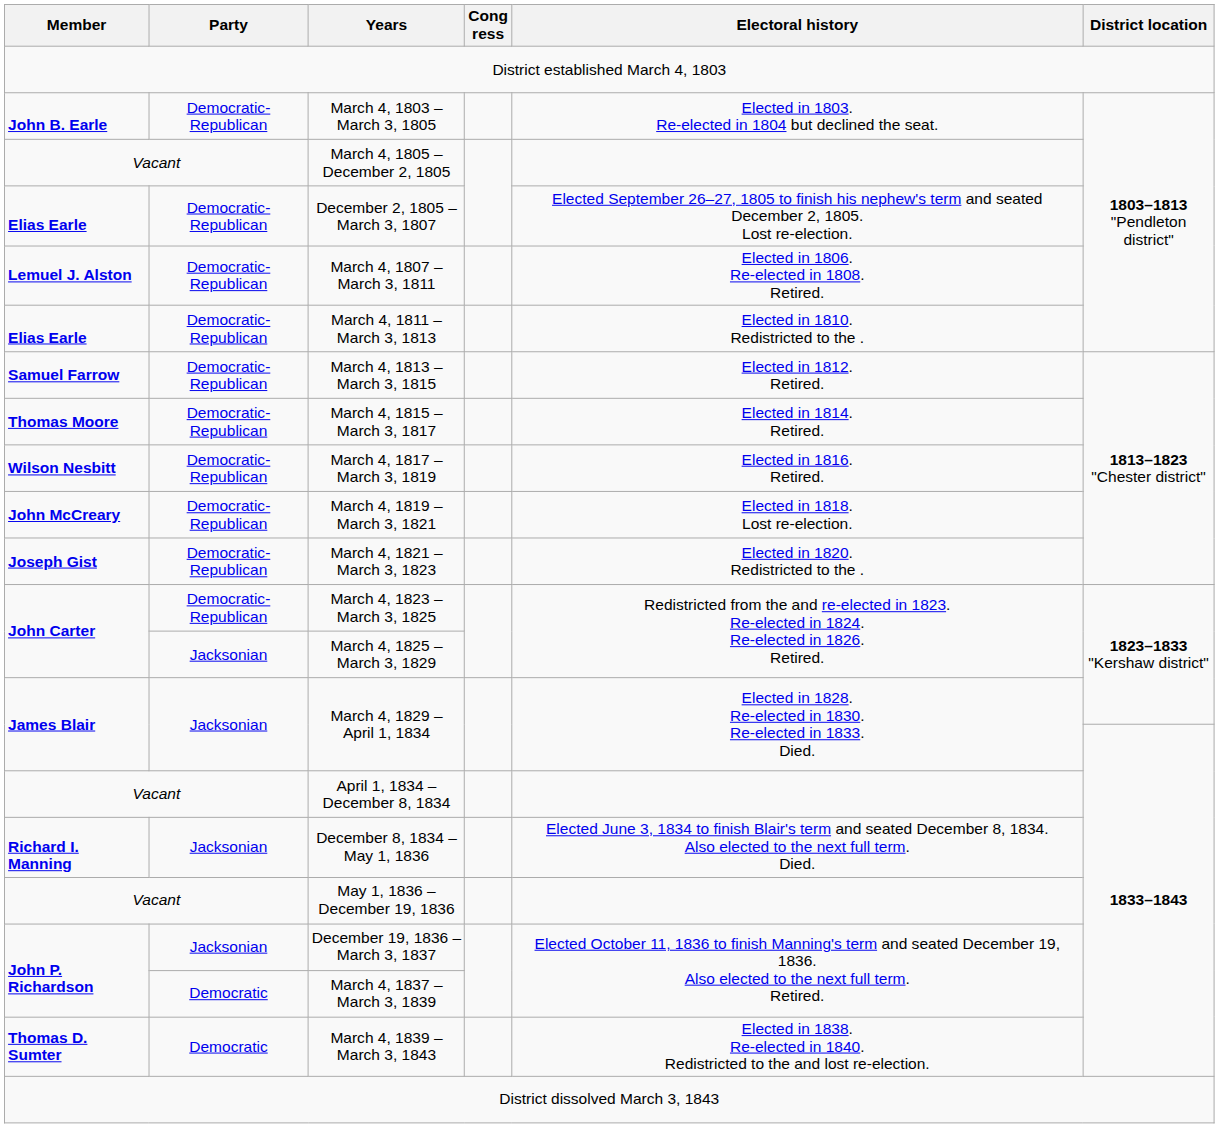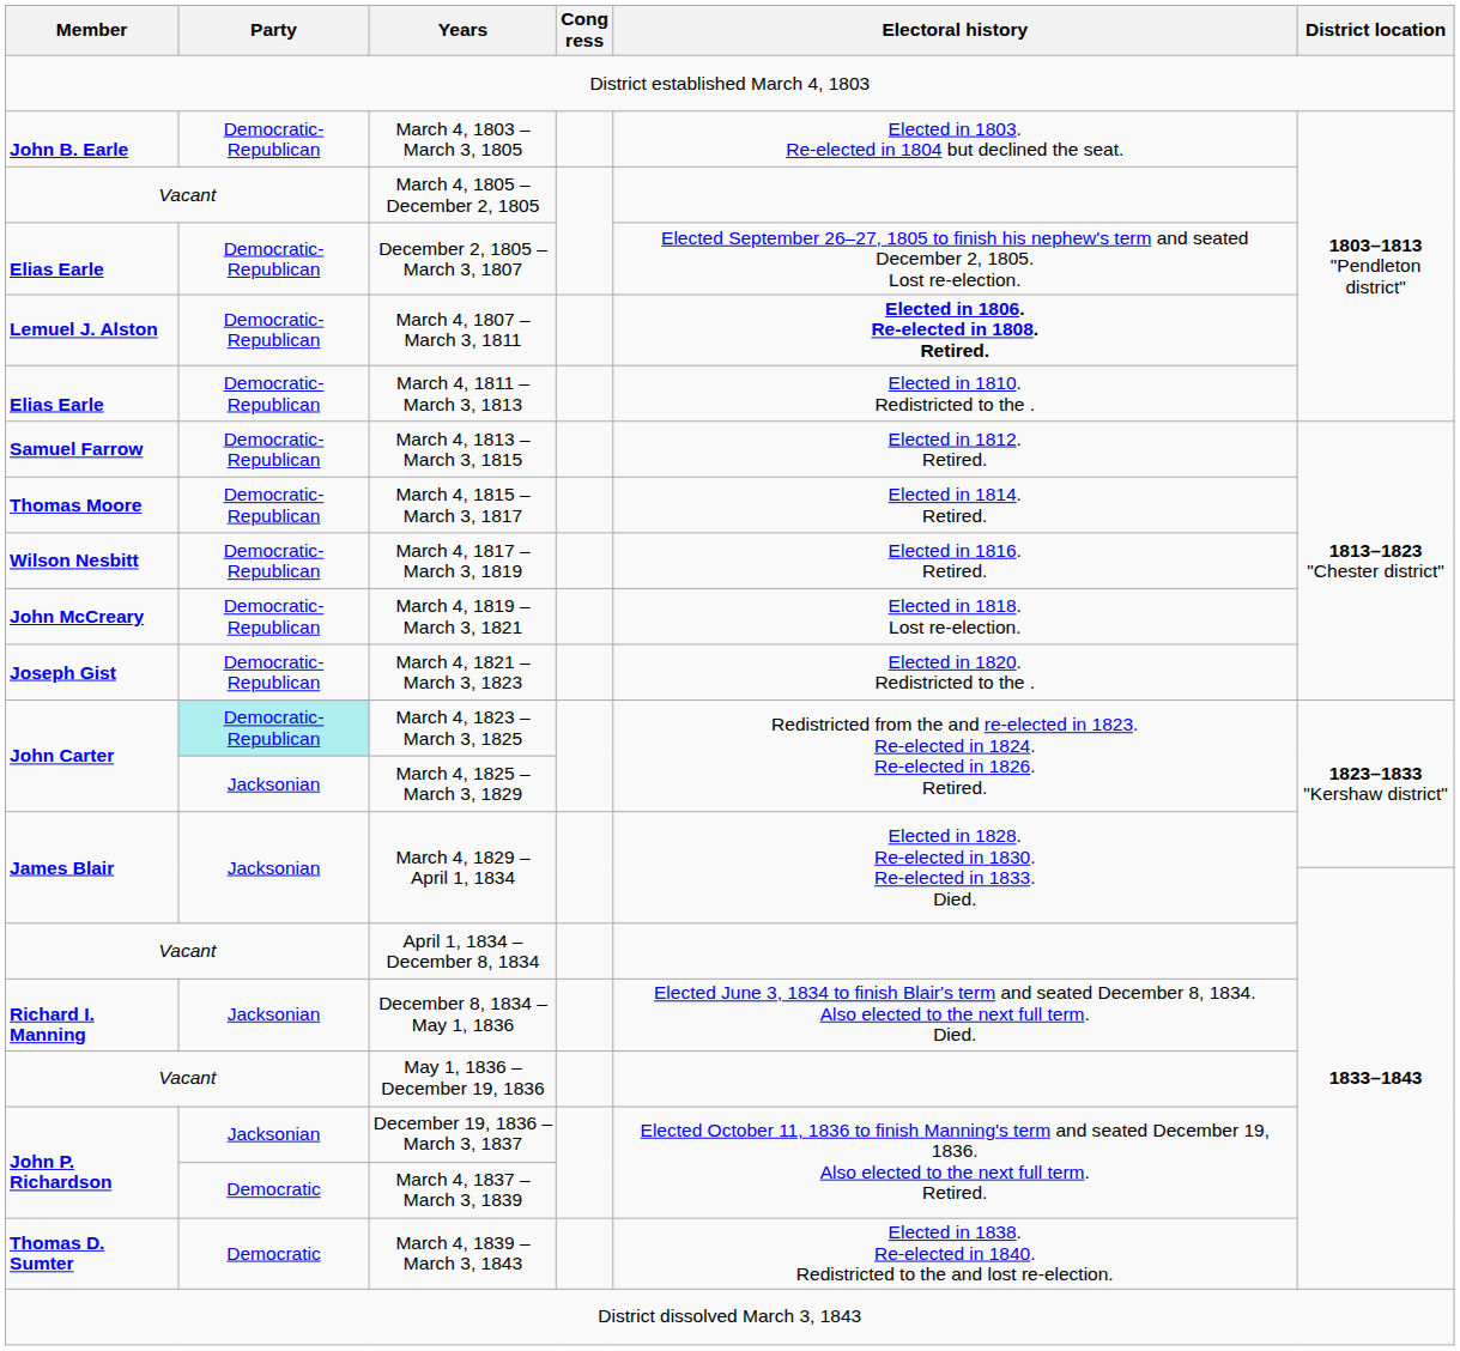 <table class="wikitable" style="text-align:center">
 <tr>
 <th>Member<br></th>
 <th>Party</th>
 <th>Years</th>
 <th>Cong<br>ress</th>
 <th>Electoral history</th>
 <th>District location</th>
 </tr>
 <tr style="height:3em">
 <td colspan=6>District established March 4, 1803</td>
 </tr>
 <tr style="height:3em">
 <td align=left><br><strong><a href='#'>John B. Earle</a></strong><br></td>
 <td><a href='#'>Democratic-Republican</a></td>
 <td nowrap>March 4, 1803 –<br>March 3, 1805</td>
 <td></td>
 <td><a href='#'>Elected in 1803</a>.<br><a href='#'>Re-elected in 1804</a> but declined the seat.</td>
 <td rowspan=5><strong>1803–1813</strong><br>"Pendleton district"</td>
 </tr>
 <tr style="height:3em">
 <td colspan=2><em>Vacant</em></td>
 <td nowrap>March 4, 1805 –<br>December 2, 1805</td>
 <td rowspan=2></td>
 </tr>
 <tr style="height:3em">
 <td align=left><br><strong><a href='#'>Elias Earle</a></strong><br></td>
 <td><a href='#'>Democratic-Republican</a></td>
 <td nowrap>December 2, 1805 –<br>March 3, 1807</td>
 <td><a href='#'>Elected September 26–27, 1805 to finish his nephew's term</a> and seated December 2, 1805.<br>Lost re-election.</td>
 </tr>
 <tr style="height:3em">
 <td align=left><strong><a href='#'>Lemuel J. Alston</a></strong><br></td>
 <td><a href='#'>Democratic-Republican</a></td>
 <td nowrap>March 4, 1807 –<br>March 3, 1811</td>
 <td></td>
-<td><a href='#'>Elected in 1806</a>.<br><a href='#'>Re-elected in 1808</a>.<br>Retired.</td>
+<td><strong><a href='#'>Elected in 1806</a>.<br><a href='#'>Re-elected in 1808</a>.<br>Retired.</strong></td>
 </tr>
 <tr style="height:3em">
 <td align=left><br><strong><a href='#'>Elias Earle</a></strong><br></td>
 <td><a href='#'>Democratic-Republican</a></td>
 <td nowrap>March 4, 1811 –<br>March 3, 1813</td>
 <td></td>
 <td><a href='#'>Elected in 1810</a>.<br>Redistricted to the .</td>
 </tr>
 <tr style="height:3em">
 <td align=left><strong><a href='#'>Samuel Farrow</a></strong><br></td>
 <td><a href='#'>Democratic-Republican</a></td>
 <td nowrap>March 4, 1813 –<br>March 3, 1815</td>
 <td></td>
 <td><a href='#'>Elected in 1812</a>.<br>Retired.</td>
 <td rowspan=5><strong>1813–1823</strong><br>"Chester district"</td>
 </tr>
 <tr style="height:3em">
 <td align=left><strong><a href='#'>Thomas Moore</a></strong><br></td>
 <td><a href='#'>Democratic-Republican</a></td>
 <td nowrap>March 4, 1815 –<br>March 3, 1817</td>
 <td></td>
 <td><a href='#'>Elected in 1814</a>.<br>Retired.</td>
 </tr>
 <tr style="height:3em">
 <td align=left><strong><a href='#'>Wilson Nesbitt</a></strong><br></td>
 <td><a href='#'>Democratic-Republican</a></td>
 <td nowrap>March 4, 1817 –<br>March 3, 1819</td>
 <td></td>
 <td><a href='#'>Elected in 1816</a>.<br>Retired.</td>
 </tr>
 <tr style="height:3em">
 <td align=left><strong><a href='#'>John McCreary</a></strong><br></td>
 <td><a href='#'>Democratic-Republican</a></td>
 <td nowrap>March 4, 1819 –<br>March 3, 1821</td>
 <td></td>
 <td><a href='#'>Elected in 1818</a>.<br>Lost re-election.</td>
 </tr>
 <tr style="height:3em">
 <td align=left><strong><a href='#'>Joseph Gist</a></strong><br></td>
 <td><a href='#'>Democratic-Republican</a></td>
 <td nowrap>March 4, 1821 –<br>March 3, 1823</td>
 <td></td>
 <td><a href='#'>Elected in 1820</a>.<br>Redistricted to the .</td>
 </tr>
 <tr style="height:3em">
 <td rowspan=2 align=left><strong><a href='#'>John Carter</a></strong><br></td>
-<td><a href='#'>Democratic-Republican</a></td>
+<td style="background: paleturquoise;"><a href='#'>Democratic-Republican</a></td>
 <td nowrap>March 4, 1823 –<br>March 3, 1825</td>
 <td rowspan=2></td>
 <td rowspan=2>Redistricted from the  and <a href='#'>re-elected in 1823</a>.<br><a href='#'>Re-elected in 1824</a>.<br><a href='#'>Re-elected in 1826</a>.<br>Retired.</td>
 <td rowspan=3><strong>1823–1833</strong><br>"Kershaw district"</td>
 </tr>
 <tr style="height:3em">
 <td><a href='#'>Jacksonian</a></td>
 <td nowrap>March 4, 1825 –<br>March 3, 1829</td>
 </tr>
 <tr style="height:3em">
 <td rowspan=2 align=left><strong><a href='#'>James Blair</a></strong><br></td>
 <td rowspan=2 ><a href='#'>Jacksonian</a></td>
 <td rowspan=2 nowrap>March 4, 1829 –<br>April 1, 1834</td>
 <td rowspan=2></td>
 <td rowspan=2><a href='#'>Elected in 1828</a>.<br><a href='#'>Re-elected in 1830</a>.<br><a href='#'>Re-elected in 1833</a>.<br>Died.</td>
 </tr>
 <tr style="height:3em">
 <td rowspan=7><strong>1833–1843</strong><br></td>
 </tr>
 <tr style="height:3em">
 <td colspan=2><em>Vacant</em></td>
 <td nowrap>April 1, 1834 –<br>December 8, 1834</td>
 <td></td>
 </tr>
 <tr style="height:3em">
 <td align=left><br><strong><a href='#'>Richard I. Manning</a></strong><br></td>
 <td><a href='#'>Jacksonian</a></td>
 <td nowrap>December 8, 1834 –<br>May 1, 1836</td>
 <td></td>
 <td><a href='#'>Elected June 3, 1834 to finish Blair's term</a> and seated December 8, 1834.<br><a href='#'>Also elected to the next full term</a>.<br>Died.</td>
 </tr>
 <tr style="height:3em">
 <td colspan=2><em>Vacant</em></td>
 <td nowrap>May 1, 1836 –<br>December 19, 1836</td>
 <td></td>
 </tr>
 <tr style="height:3em">
 <td rowspan=2 align=left><br><strong><a href='#'>John P. Richardson</a></strong><br></td>
 <td><a href='#'>Jacksonian</a></td>
 <td nowrap>December 19, 1836 –<br>March 3, 1837</td>
 <td rowspan=2></td>
 <td rowspan=2><a href='#'>Elected October 11, 1836 to finish Manning's term</a> and seated December 19, 1836.<br><a href='#'>Also elected to the next full term</a>.<br>Retired.</td>
 </tr>
 <tr style="height:3em">
 <td><a href='#'>Democratic</a></td>
 <td nowrap>March 4, 1837 –<br>March 3, 1839</td>
 </tr>
 <tr style="height:3em">
 <td align=left><strong><a href='#'>Thomas D. Sumter</a></strong><br></td>
 <td><a href='#'>Democratic</a></td>
 <td nowrap>March 4, 1839 –<br>March 3, 1843</td>
 <td></td>
 <td><a href='#'>Elected in 1838</a>.<br><a href='#'>Re-elected in 1840</a>.<br>Redistricted to the  and lost re-election.</td>
 </tr>
 <tr style="height:3em">
 <td colspan=6>District dissolved March 3, 1843</td>
 </tr>
 </table>
